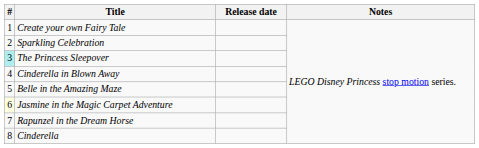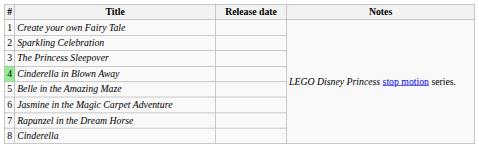 <table class="wikitable sortable">
 <tr>
 <th width=10>#</th>
 <th width=321>Title</th>
 <th width=110>Release date</th>
 <th width=300>Notes</th>
 </tr>
 <tr>
 <td align="center">1</td>
 <td><em>Create your own Fairy Tale</em></td>
 <td align="right"></td>
 <td rowspan="8"><em>LEGO Disney Princess</em> <a href='#'>stop motion</a> series.</td>
 </tr>
 <tr>
 <td align="center">2</td>
 <td><em>Sparkling Celebration</em></td>
 <td align="right"></td>
 </tr>
 <tr>
-<td align="center" style="background: paleturquoise;">3</td>
+<td align="center">3</td>
 <td><em>The Princess Sleepover</em></td>
 <td align="right"></td>
 </tr>
 <tr>
-<td align="center">4</td>
+<td align="center" style="background: lightgreen;">4</td>
 <td><em>Cinderella in Blown Away</em></td>
 <td align="right"></td>
 </tr>
 <tr>
 <td align="center">5</td>
 <td><em>Belle in the Amazing Maze</em></td>
 <td align="right"></td>
 </tr>
 <tr>
-<td align="center" style="background: lightyellow;">6</td>
+<td align="center">6</td>
 <td><em>Jasmine in the Magic Carpet Adventure</em></td>
 <td align="right"></td>
 </tr>
 <tr>
 <td align="center">7</td>
 <td><em>Rapunzel in the Dream Horse</em></td>
 <td align="right"></td>
 </tr>
 <tr>
 <td align="center">8</td>
 <td><em>Cinderella</em></td>
 <td align="right"></td>
 </tr>
 </table>
